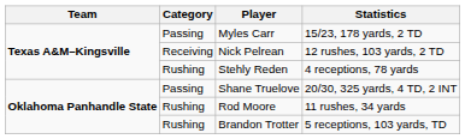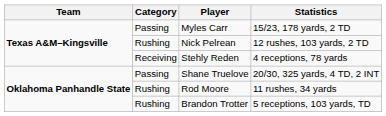 <table class="wikitable" style="float: left;">
 <tr>
 <th>Team</th>
 <th>Category</th>
 <th>Player</th>
 <th>Statistics</th>
 </tr>
 <tr>
 <td rowspan=3><strong>Texas A&M–Kingsville</strong></td>
 <td>Passing</td>
 <td>Myles Carr</td>
 <td>15/23, 178 yards, 2 TD</td>
 </tr>
 <tr>
-<td>Receiving</td>
+<td>Rushing</td>
 <td>Nick Pelrean</td>
 <td>12 rushes, 103 yards, 2 TD</td>
 </tr>
 <tr>
-<td>Rushing</td>
+<td>Receiving</td>
 <td>Stehly Reden</td>
 <td>4 receptions, 78 yards</td>
 </tr>
 <tr>
 <td rowspan=3><strong>Oklahoma Panhandle State</strong></td>
 <td>Passing</td>
 <td>Shane Truelove</td>
 <td>20/30, 325 yards, 4 TD, 2 INT</td>
 </tr>
 <tr>
 <td>Rushing</td>
 <td>Rod Moore</td>
 <td>11 rushes, 34 yards</td>
 </tr>
 <tr>
 <td>Rushing</td>
 <td>Brandon Trotter</td>
 <td>5 receptions, 103 yards, TD</td>
 </tr>
 </table>
